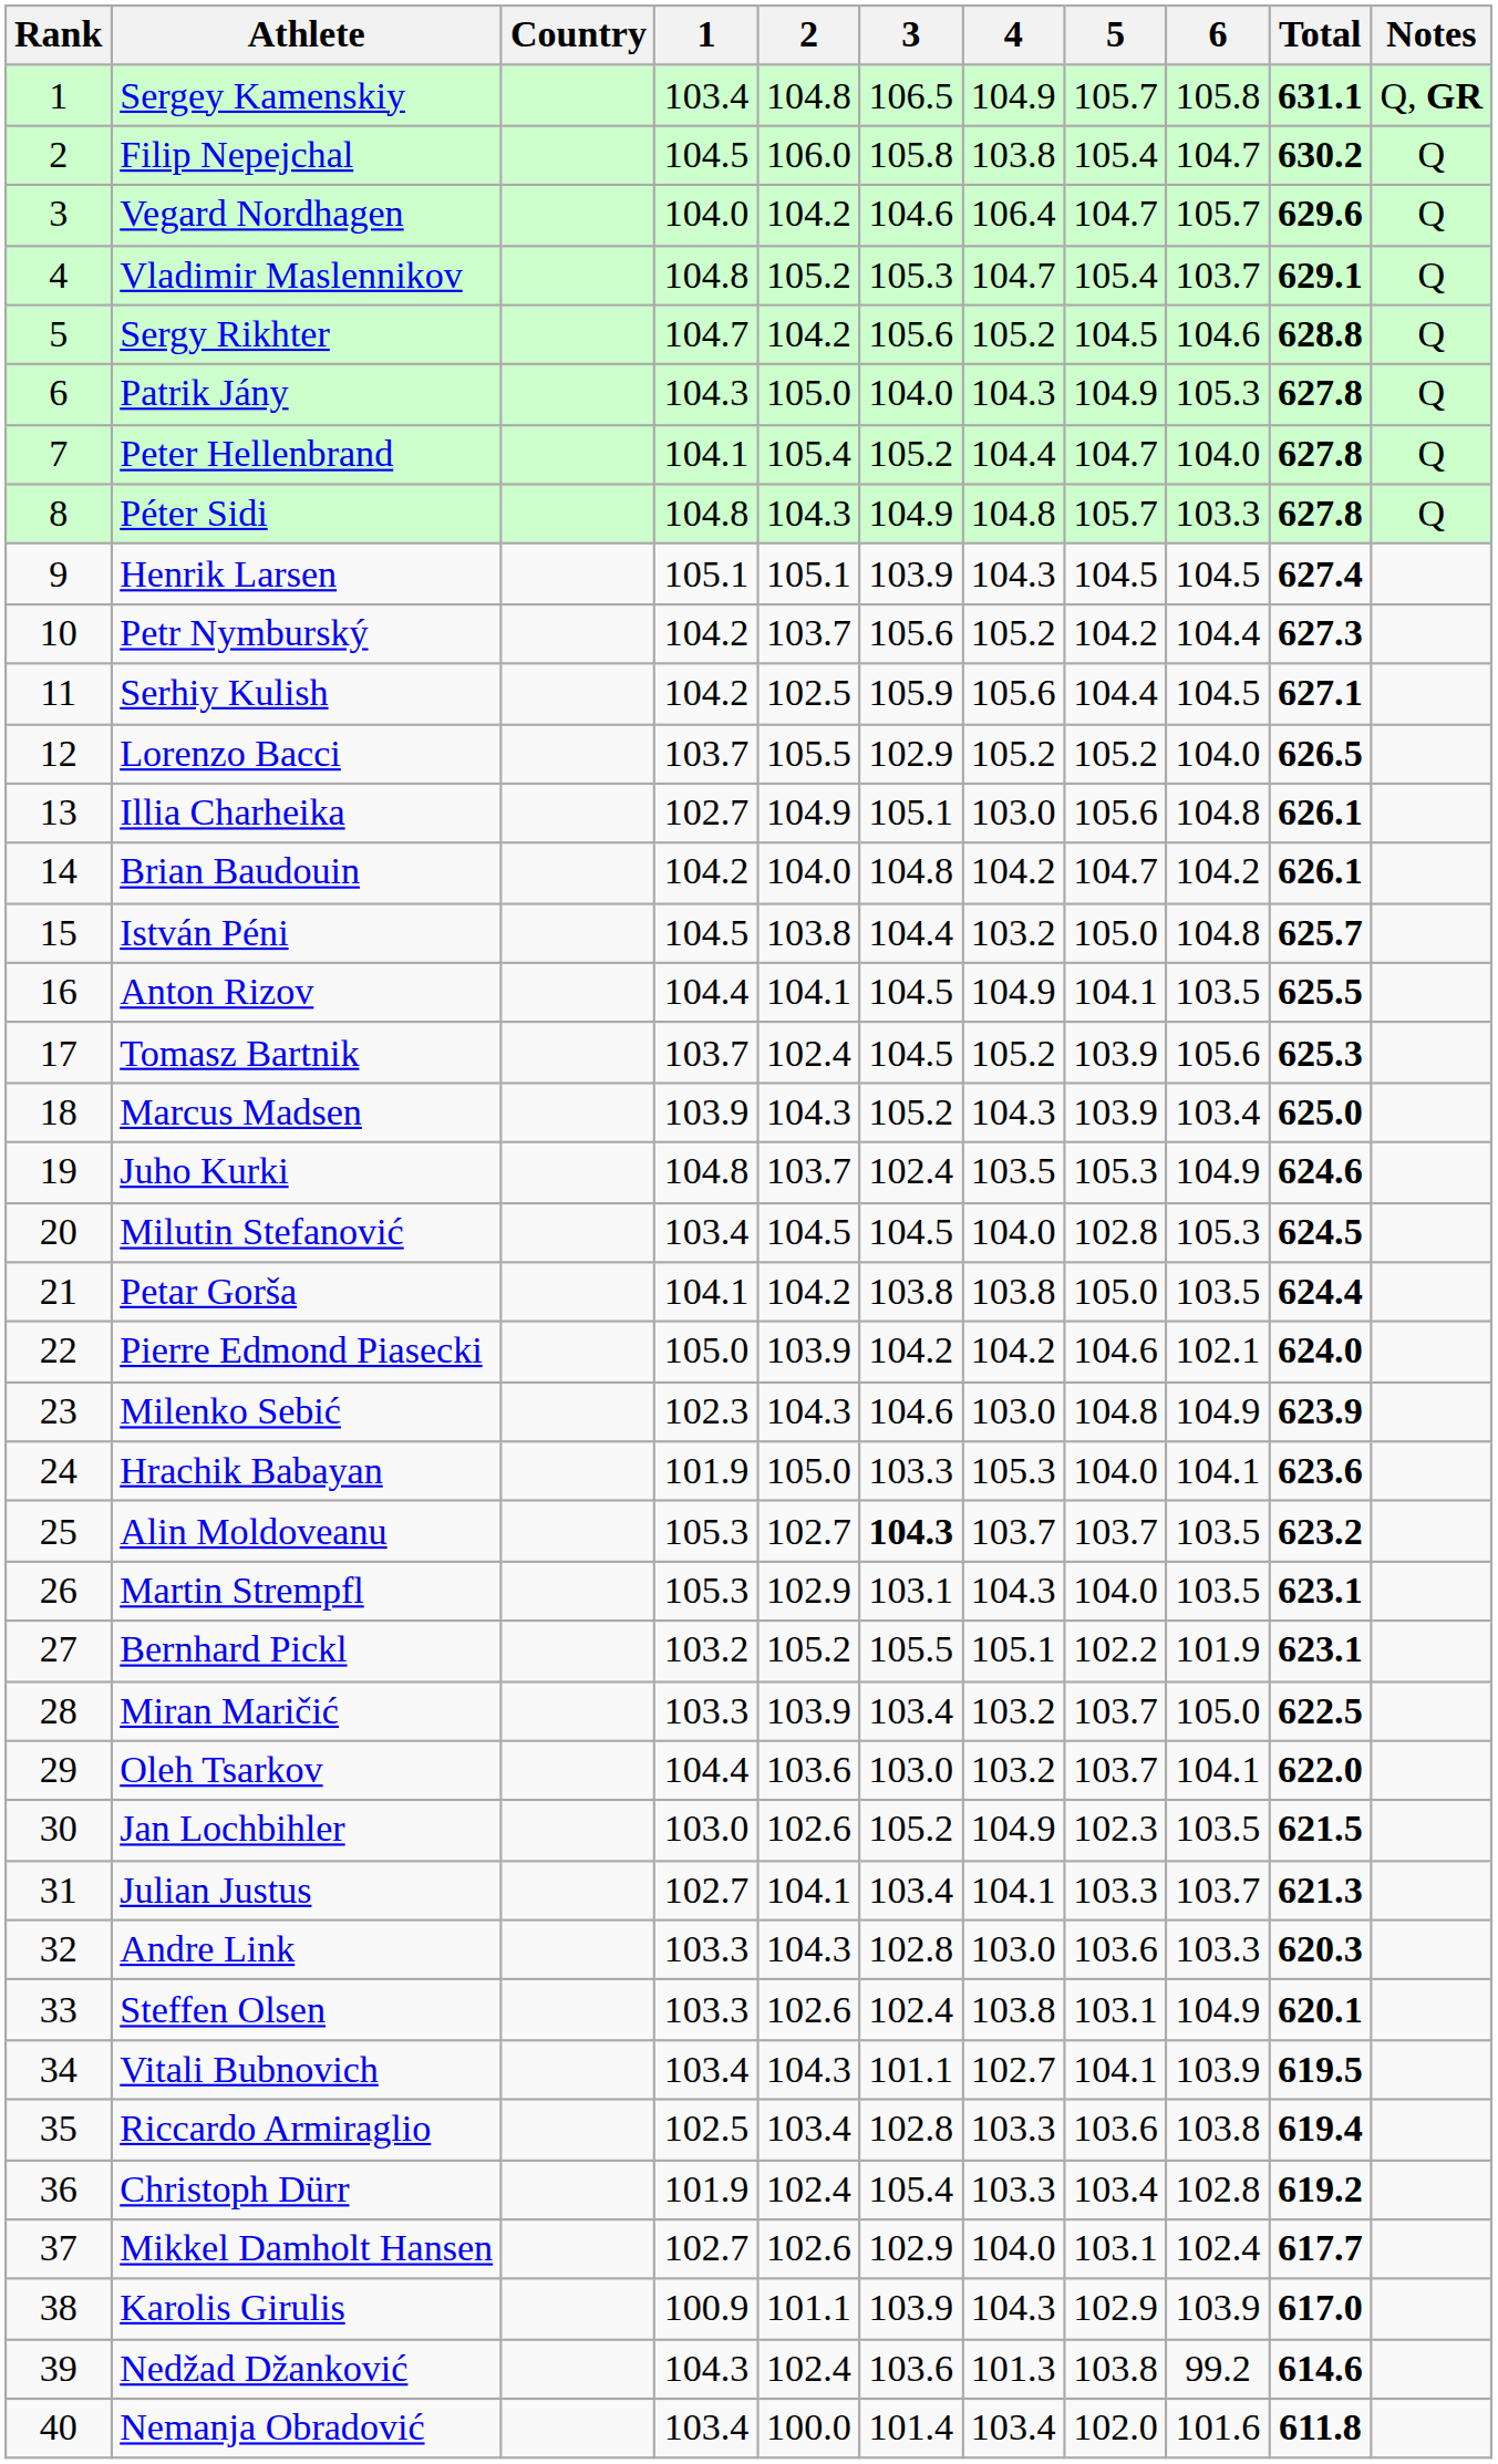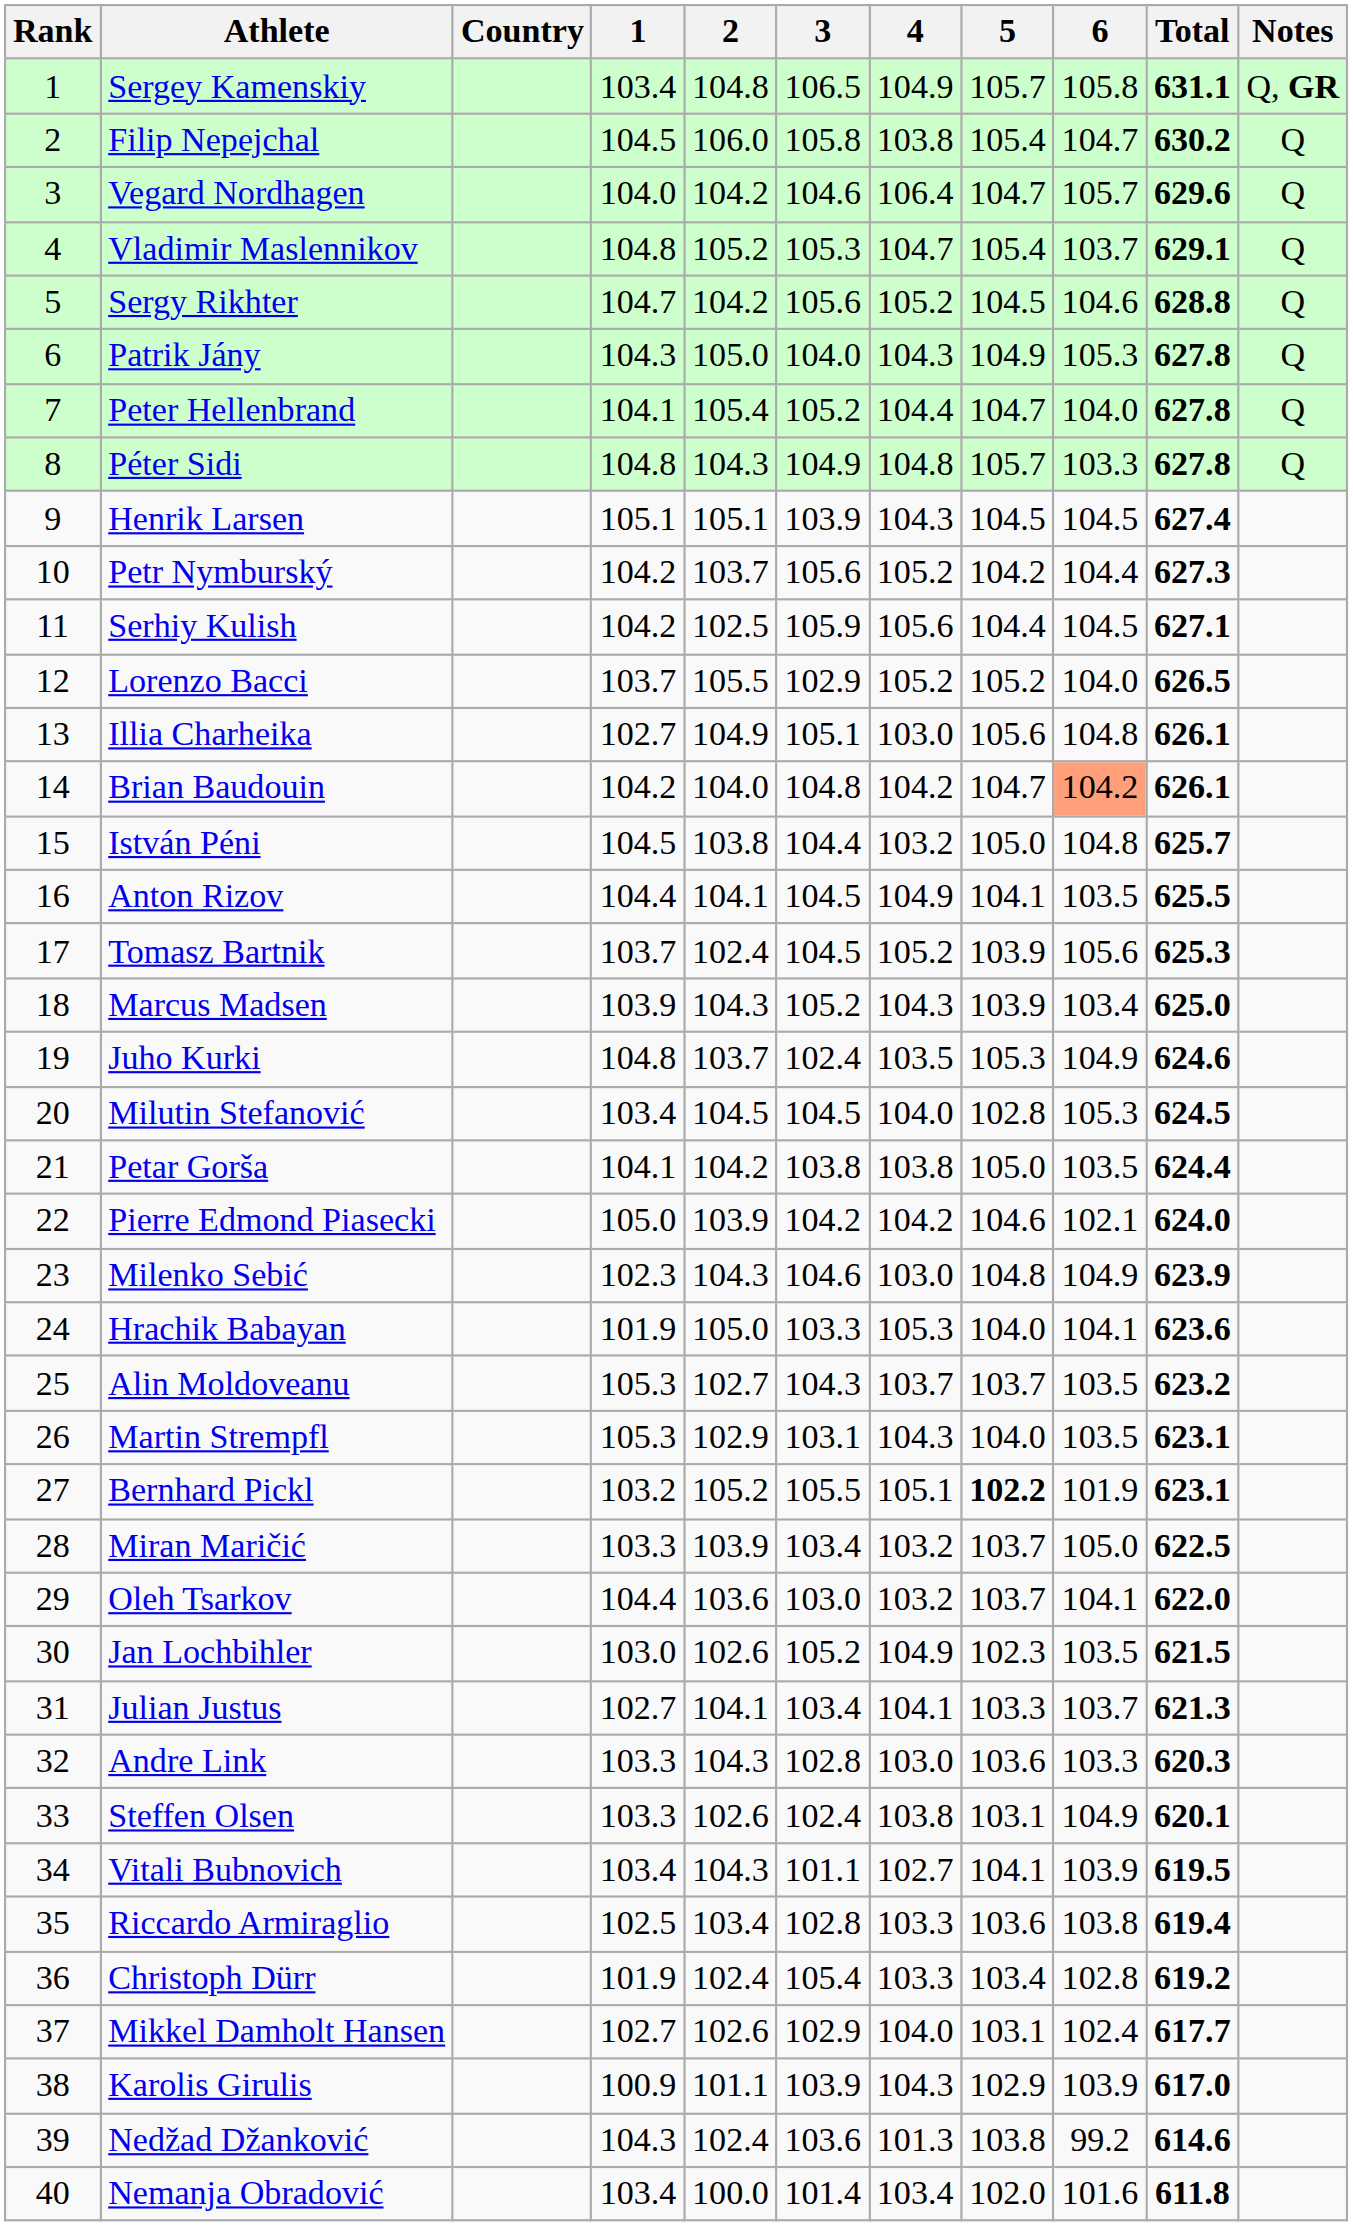 <table class="wikitable sortable" style="text-align:center">
 <tr>
 <th>Rank</th>
 <th>Athlete</th>
 <th>Country</th>
 <th class=unsortable width=30px>1</th>
 <th class=unsortable width=30px>2</th>
 <th class=unsortable width=30px>3</th>
 <th class=unsortable width=30px>4</th>
 <th class=unsortable width=30px>5</th>
 <th class=unsortable width=30px>6</th>
 <th>Total</th>
 <th class=unsortable>Notes</th>
 </tr>
 <tr bgcolor=ccffcc>
 <td>1</td>
 <td align=left><a href='#'>Sergey Kamenskiy</a></td>
 <td align=left></td>
 <td>103.4</td>
 <td>104.8</td>
 <td>106.5</td>
 <td>104.9</td>
 <td>105.7</td>
 <td>105.8</td>
 <td><strong>631.1</strong></td>
 <td>Q, <strong>GR</strong></td>
 </tr>
 <tr bgcolor=ccffcc>
 <td>2</td>
 <td align=left><a href='#'>Filip Nepejchal</a></td>
 <td align=left></td>
 <td>104.5</td>
 <td>106.0</td>
 <td>105.8</td>
 <td>103.8</td>
 <td>105.4</td>
 <td>104.7</td>
 <td><strong>630.2</strong></td>
 <td>Q</td>
 </tr>
 <tr bgcolor=ccffcc>
 <td>3</td>
 <td align=left><a href='#'>Vegard Nordhagen</a></td>
 <td align=left></td>
 <td>104.0</td>
 <td>104.2</td>
 <td>104.6</td>
 <td>106.4</td>
 <td>104.7</td>
 <td>105.7</td>
 <td><strong>629.6</strong></td>
 <td>Q</td>
 </tr>
 <tr bgcolor=ccffcc>
 <td>4</td>
 <td align=left><a href='#'>Vladimir Maslennikov</a></td>
 <td align=left></td>
 <td>104.8</td>
 <td>105.2</td>
 <td>105.3</td>
 <td>104.7</td>
 <td>105.4</td>
 <td>103.7</td>
 <td><strong>629.1</strong></td>
 <td>Q</td>
 </tr>
 <tr bgcolor=ccffcc>
 <td>5</td>
 <td align=left><a href='#'>Sergy Rikhter</a></td>
 <td align=left></td>
 <td>104.7</td>
 <td>104.2</td>
 <td>105.6</td>
 <td>105.2</td>
 <td>104.5</td>
 <td>104.6</td>
 <td><strong>628.8</strong></td>
 <td>Q</td>
 </tr>
 <tr bgcolor=ccffcc>
 <td>6</td>
 <td align=left><a href='#'>Patrik Jány</a></td>
 <td align=left></td>
 <td>104.3</td>
 <td>105.0</td>
 <td>104.0</td>
 <td>104.3</td>
 <td>104.9</td>
 <td>105.3</td>
 <td><strong>627.8</strong></td>
 <td>Q</td>
 </tr>
 <tr bgcolor=ccffcc>
 <td>7</td>
 <td align=left><a href='#'>Peter Hellenbrand</a></td>
 <td align=left></td>
 <td>104.1</td>
 <td>105.4</td>
 <td>105.2</td>
 <td>104.4</td>
 <td>104.7</td>
 <td>104.0</td>
 <td><strong>627.8</strong></td>
 <td>Q</td>
 </tr>
 <tr bgcolor=ccffcc>
 <td>8</td>
 <td align=left><a href='#'>Péter Sidi</a></td>
 <td align=left></td>
 <td>104.8</td>
 <td>104.3</td>
 <td>104.9</td>
 <td>104.8</td>
 <td>105.7</td>
 <td>103.3</td>
 <td><strong>627.8</strong></td>
 <td>Q</td>
 </tr>
 <tr>
 <td>9</td>
 <td align=left><a href='#'>Henrik Larsen</a></td>
 <td align=left></td>
 <td>105.1</td>
 <td>105.1</td>
 <td>103.9</td>
 <td>104.3</td>
 <td>104.5</td>
 <td>104.5</td>
 <td><strong>627.4</strong></td>
 <td></td>
 </tr>
 <tr>
 <td>10</td>
 <td align=left><a href='#'>Petr Nymburský</a></td>
 <td align=left></td>
 <td>104.2</td>
 <td>103.7</td>
 <td>105.6</td>
 <td>105.2</td>
 <td>104.2</td>
 <td>104.4</td>
 <td><strong>627.3</strong></td>
 <td></td>
 </tr>
 <tr>
 <td>11</td>
 <td align=left><a href='#'>Serhiy Kulish</a></td>
 <td align=left></td>
 <td>104.2</td>
 <td>102.5</td>
 <td>105.9</td>
 <td>105.6</td>
 <td>104.4</td>
 <td>104.5</td>
 <td><strong>627.1</strong></td>
 <td></td>
 </tr>
 <tr>
 <td>12</td>
 <td align=left><a href='#'>Lorenzo Bacci</a></td>
 <td align=left></td>
 <td>103.7</td>
 <td>105.5</td>
 <td>102.9</td>
 <td>105.2</td>
 <td>105.2</td>
 <td>104.0</td>
 <td><strong>626.5</strong></td>
 <td></td>
 </tr>
 <tr>
 <td>13</td>
 <td align=left><a href='#'>Illia Charheika</a></td>
 <td align=left></td>
 <td>102.7</td>
 <td>104.9</td>
 <td>105.1</td>
 <td>103.0</td>
 <td>105.6</td>
 <td>104.8</td>
 <td><strong>626.1</strong></td>
 <td></td>
 </tr>
 <tr>
 <td>14</td>
 <td align=left><a href='#'>Brian Baudouin</a></td>
 <td align=left></td>
 <td>104.2</td>
 <td>104.0</td>
 <td>104.8</td>
 <td>104.2</td>
 <td>104.7</td>
-<td>104.2</td>
+<td style="background: lightsalmon;">104.2</td>
 <td><strong>626.1</strong></td>
 <td></td>
 </tr>
 <tr>
 <td>15</td>
 <td align=left><a href='#'>István Péni</a></td>
 <td align=left></td>
 <td>104.5</td>
 <td>103.8</td>
 <td>104.4</td>
 <td>103.2</td>
 <td>105.0</td>
 <td>104.8</td>
 <td><strong>625.7</strong></td>
 <td></td>
 </tr>
 <tr>
 <td>16</td>
 <td align=left><a href='#'>Anton Rizov</a></td>
 <td align=left></td>
 <td>104.4</td>
 <td>104.1</td>
 <td>104.5</td>
 <td>104.9</td>
 <td>104.1</td>
 <td>103.5</td>
 <td><strong>625.5</strong></td>
 <td></td>
 </tr>
 <tr>
 <td>17</td>
 <td align=left><a href='#'>Tomasz Bartnik</a></td>
 <td align=left></td>
 <td>103.7</td>
 <td>102.4</td>
 <td>104.5</td>
 <td>105.2</td>
 <td>103.9</td>
 <td>105.6</td>
 <td><strong>625.3</strong></td>
 <td></td>
 </tr>
 <tr>
 <td>18</td>
 <td align=left><a href='#'>Marcus Madsen</a></td>
 <td align=left></td>
 <td>103.9</td>
 <td>104.3</td>
 <td>105.2</td>
 <td>104.3</td>
 <td>103.9</td>
 <td>103.4</td>
 <td><strong>625.0</strong></td>
 <td></td>
 </tr>
 <tr>
 <td>19</td>
 <td align=left><a href='#'>Juho Kurki</a></td>
 <td align=left></td>
 <td>104.8</td>
 <td>103.7</td>
 <td>102.4</td>
 <td>103.5</td>
 <td>105.3</td>
 <td>104.9</td>
 <td><strong>624.6</strong></td>
 <td></td>
 </tr>
 <tr>
 <td>20</td>
 <td align=left><a href='#'>Milutin Stefanović</a></td>
 <td align=left></td>
 <td>103.4</td>
 <td>104.5</td>
 <td>104.5</td>
 <td>104.0</td>
 <td>102.8</td>
 <td>105.3</td>
 <td><strong>624.5</strong></td>
 <td></td>
 </tr>
 <tr>
 <td>21</td>
 <td align=left><a href='#'>Petar Gorša</a></td>
 <td align=left></td>
 <td>104.1</td>
 <td>104.2</td>
 <td>103.8</td>
 <td>103.8</td>
 <td>105.0</td>
 <td>103.5</td>
 <td><strong>624.4</strong></td>
 <td></td>
 </tr>
 <tr>
 <td>22</td>
 <td align=left><a href='#'>Pierre Edmond Piasecki</a></td>
 <td align=left></td>
 <td>105.0</td>
 <td>103.9</td>
 <td>104.2</td>
 <td>104.2</td>
 <td>104.6</td>
 <td>102.1</td>
 <td><strong>624.0</strong></td>
 <td></td>
 </tr>
 <tr>
 <td>23</td>
 <td align=left><a href='#'>Milenko Sebić</a></td>
 <td align=left></td>
 <td>102.3</td>
 <td>104.3</td>
 <td>104.6</td>
 <td>103.0</td>
 <td>104.8</td>
 <td>104.9</td>
 <td><strong>623.9</strong></td>
 <td></td>
 </tr>
 <tr>
 <td>24</td>
 <td align=left><a href='#'>Hrachik Babayan</a></td>
 <td align=left></td>
 <td>101.9</td>
 <td>105.0</td>
 <td>103.3</td>
 <td>105.3</td>
 <td>104.0</td>
 <td>104.1</td>
 <td><strong>623.6</strong></td>
 <td></td>
 </tr>
 <tr>
 <td>25</td>
 <td align=left><a href='#'>Alin Moldoveanu</a></td>
 <td align=left></td>
 <td>105.3</td>
 <td>102.7</td>
-<td><strong>104.3</strong></td>
+<td>104.3</td>
 <td>103.7</td>
 <td>103.7</td>
 <td>103.5</td>
 <td><strong>623.2</strong></td>
 <td></td>
 </tr>
 <tr>
 <td>26</td>
 <td align=left><a href='#'>Martin Strempfl</a></td>
 <td align=left></td>
 <td>105.3</td>
 <td>102.9</td>
 <td>103.1</td>
 <td>104.3</td>
 <td>104.0</td>
 <td>103.5</td>
 <td><strong>623.1</strong></td>
 <td></td>
 </tr>
 <tr>
 <td>27</td>
 <td align=left><a href='#'>Bernhard Pickl</a></td>
 <td align=left></td>
 <td>103.2</td>
 <td>105.2</td>
 <td>105.5</td>
 <td>105.1</td>
-<td>102.2</td>
+<td><strong>102.2</strong></td>
 <td>101.9</td>
 <td><strong>623.1</strong></td>
 <td></td>
 </tr>
 <tr>
 <td>28</td>
 <td align=left><a href='#'>Miran Maričić</a></td>
 <td align=left></td>
 <td>103.3</td>
 <td>103.9</td>
 <td>103.4</td>
 <td>103.2</td>
 <td>103.7</td>
 <td>105.0</td>
 <td><strong>622.5</strong></td>
 <td></td>
 </tr>
 <tr>
 <td>29</td>
 <td align=left><a href='#'>Oleh Tsarkov</a></td>
 <td align=left></td>
 <td>104.4</td>
 <td>103.6</td>
 <td>103.0</td>
 <td>103.2</td>
 <td>103.7</td>
 <td>104.1</td>
 <td><strong>622.0</strong></td>
 <td></td>
 </tr>
 <tr>
 <td>30</td>
 <td align=left><a href='#'>Jan Lochbihler</a></td>
 <td align=left></td>
 <td>103.0</td>
 <td>102.6</td>
 <td>105.2</td>
 <td>104.9</td>
 <td>102.3</td>
 <td>103.5</td>
 <td><strong>621.5</strong></td>
 <td></td>
 </tr>
 <tr>
 <td>31</td>
 <td align=left><a href='#'>Julian Justus</a></td>
 <td align=left></td>
 <td>102.7</td>
 <td>104.1</td>
 <td>103.4</td>
 <td>104.1</td>
 <td>103.3</td>
 <td>103.7</td>
 <td><strong>621.3</strong></td>
 <td></td>
 </tr>
 <tr>
 <td>32</td>
 <td align=left><a href='#'>Andre Link</a></td>
 <td align=left></td>
 <td>103.3</td>
 <td>104.3</td>
 <td>102.8</td>
 <td>103.0</td>
 <td>103.6</td>
 <td>103.3</td>
 <td><strong>620.3</strong></td>
 <td></td>
 </tr>
 <tr>
 <td>33</td>
 <td align=left><a href='#'>Steffen Olsen</a></td>
 <td align=left></td>
 <td>103.3</td>
 <td>102.6</td>
 <td>102.4</td>
 <td>103.8</td>
 <td>103.1</td>
 <td>104.9</td>
 <td><strong>620.1</strong></td>
 <td></td>
 </tr>
 <tr>
 <td>34</td>
 <td align=left><a href='#'>Vitali Bubnovich</a></td>
 <td align=left></td>
 <td>103.4</td>
 <td>104.3</td>
 <td>101.1</td>
 <td>102.7</td>
 <td>104.1</td>
 <td>103.9</td>
 <td><strong>619.5</strong></td>
 <td></td>
 </tr>
 <tr>
 <td>35</td>
 <td align=left><a href='#'>Riccardo Armiraglio</a></td>
 <td align=left></td>
 <td>102.5</td>
 <td>103.4</td>
 <td>102.8</td>
 <td>103.3</td>
 <td>103.6</td>
 <td>103.8</td>
 <td><strong>619.4</strong></td>
 <td></td>
 </tr>
 <tr>
 <td>36</td>
 <td align=left><a href='#'>Christoph Dürr</a></td>
 <td align=left></td>
 <td>101.9</td>
 <td>102.4</td>
 <td>105.4</td>
 <td>103.3</td>
 <td>103.4</td>
 <td>102.8</td>
 <td><strong>619.2</strong></td>
 <td></td>
 </tr>
 <tr>
 <td>37</td>
 <td align=left><a href='#'>Mikkel Damholt Hansen</a></td>
 <td align=left></td>
 <td>102.7</td>
 <td>102.6</td>
 <td>102.9</td>
 <td>104.0</td>
 <td>103.1</td>
 <td>102.4</td>
 <td><strong>617.7</strong></td>
 <td></td>
 </tr>
 <tr>
 <td>38</td>
 <td align=left><a href='#'>Karolis Girulis</a></td>
 <td align=left></td>
 <td>100.9</td>
 <td>101.1</td>
 <td>103.9</td>
 <td>104.3</td>
 <td>102.9</td>
 <td>103.9</td>
 <td><strong>617.0</strong></td>
 <td></td>
 </tr>
 <tr>
 <td>39</td>
 <td align=left><a href='#'>Nedžad Džanković</a></td>
 <td align=left></td>
 <td>104.3</td>
 <td>102.4</td>
 <td>103.6</td>
 <td>101.3</td>
 <td>103.8</td>
 <td>99.2</td>
 <td><strong>614.6</strong></td>
 <td></td>
 </tr>
 <tr>
 <td>40</td>
 <td align=left><a href='#'>Nemanja Obradović</a></td>
 <td align=left></td>
 <td>103.4</td>
 <td>100.0</td>
 <td>101.4</td>
 <td>103.4</td>
 <td>102.0</td>
 <td>101.6</td>
 <td><strong>611.8</strong></td>
 <td></td>
 </tr>
 </table>
